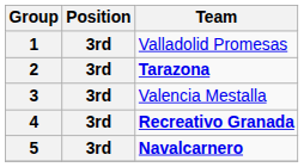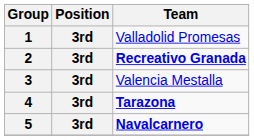 <table class="wikitable">
 <tr>
 <th>Group</th>
 <th>Position</th>
 <th>Team</th>
 </tr>
 <tr>
 <th>1</th>
 <th>3rd</th>
 <td><a href='#'>Valladolid Promesas</a></td>
 </tr>
 <tr>
 <th>2</th>
 <th>3rd</th>
-<td><strong><a href='#'>Tarazona</a></strong></td>
+<td><strong><a href='#'>Recreativo Granada</a></strong></td>
 </tr>
 <tr>
 <th>3</th>
 <th>3rd</th>
 <td><a href='#'>Valencia Mestalla</a></td>
 </tr>
 <tr>
 <th>4</th>
 <th>3rd</th>
-<td><strong><a href='#'>Recreativo Granada</a></strong></td>
+<td><strong><a href='#'>Tarazona</a></strong></td>
 </tr>
 <tr>
 <th>5</th>
 <th>3rd</th>
 <td><strong><a href='#'>Navalcarnero</a></strong></td>
 </tr>
 <tr>
 </tr>
 </table>
